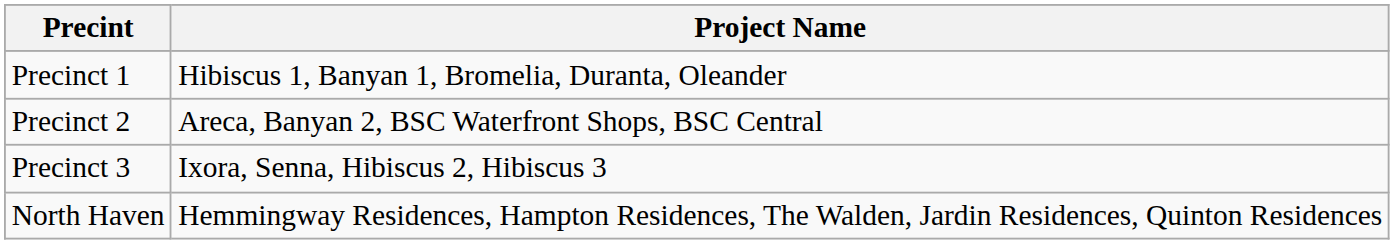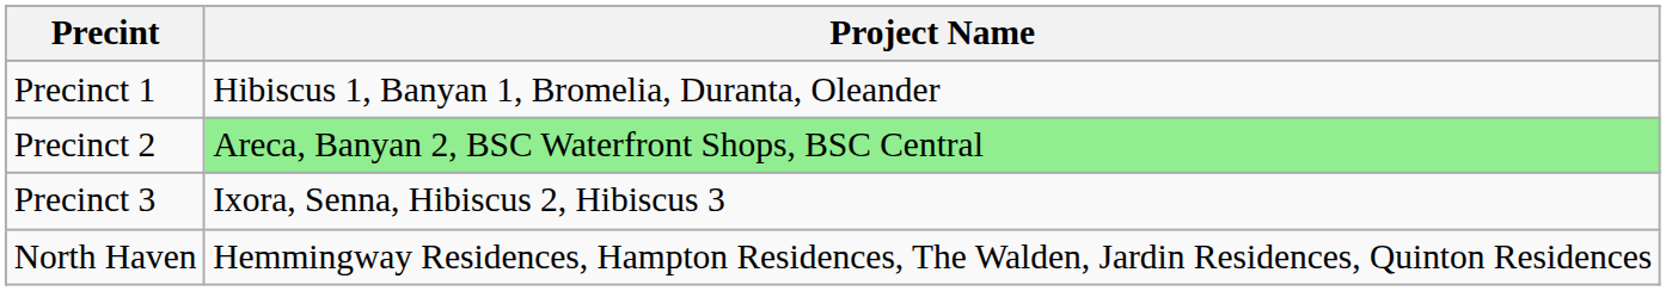 <table class=wikitable>
 <tr>
 <th>Precint</th>
 <th>Project Name</th>
 </tr>
 <tr>
 <td>Precinct 1</td>
 <td>Hibiscus 1, Banyan 1, Bromelia, Duranta, Oleander</td>
 </tr>
 <tr>
 <td>Precinct 2</td>
-<td>Areca, Banyan 2, BSC Waterfront Shops, BSC Central</td>
+<td style="background: lightgreen;">Areca, Banyan 2, BSC Waterfront Shops, BSC Central</td>
 </tr>
 <tr>
 <td>Precinct 3</td>
 <td>Ixora, Senna, Hibiscus 2, Hibiscus 3</td>
 </tr>
 <tr>
 <td>North Haven</td>
 <td>Hemmingway Residences, Hampton Residences, The Walden, Jardin Residences, Quinton Residences</td>
 </tr>
 </table>
